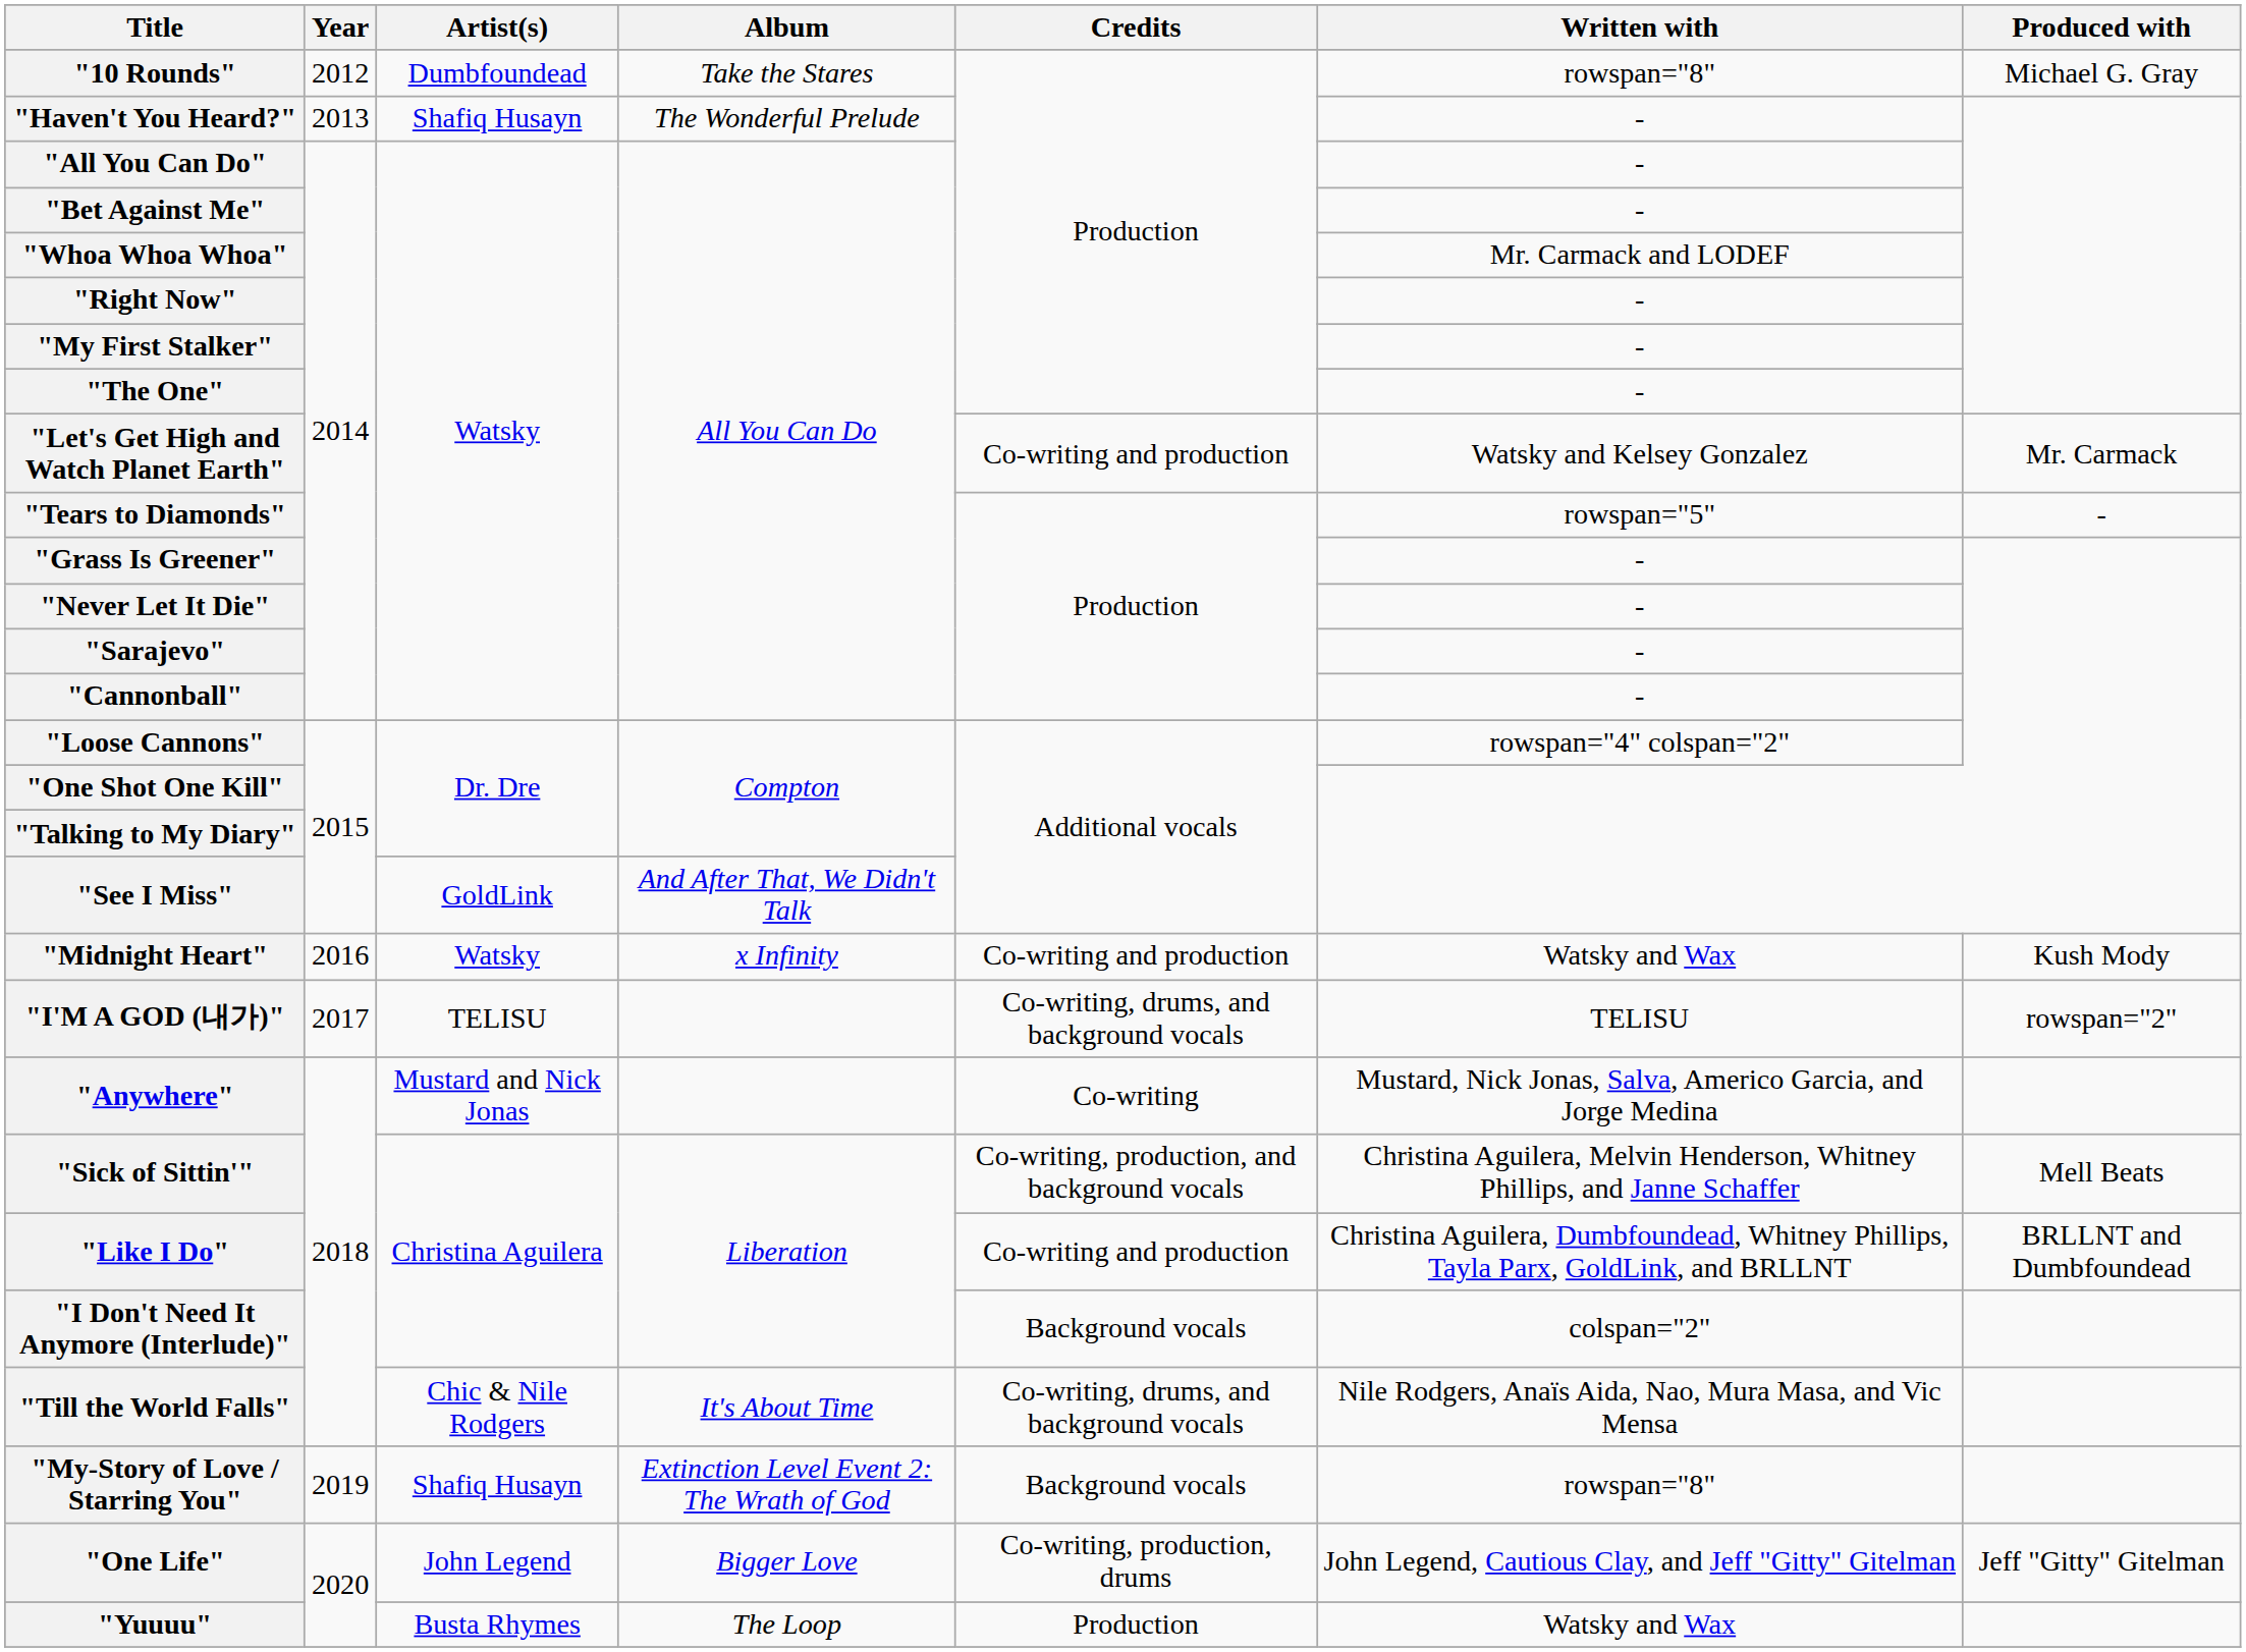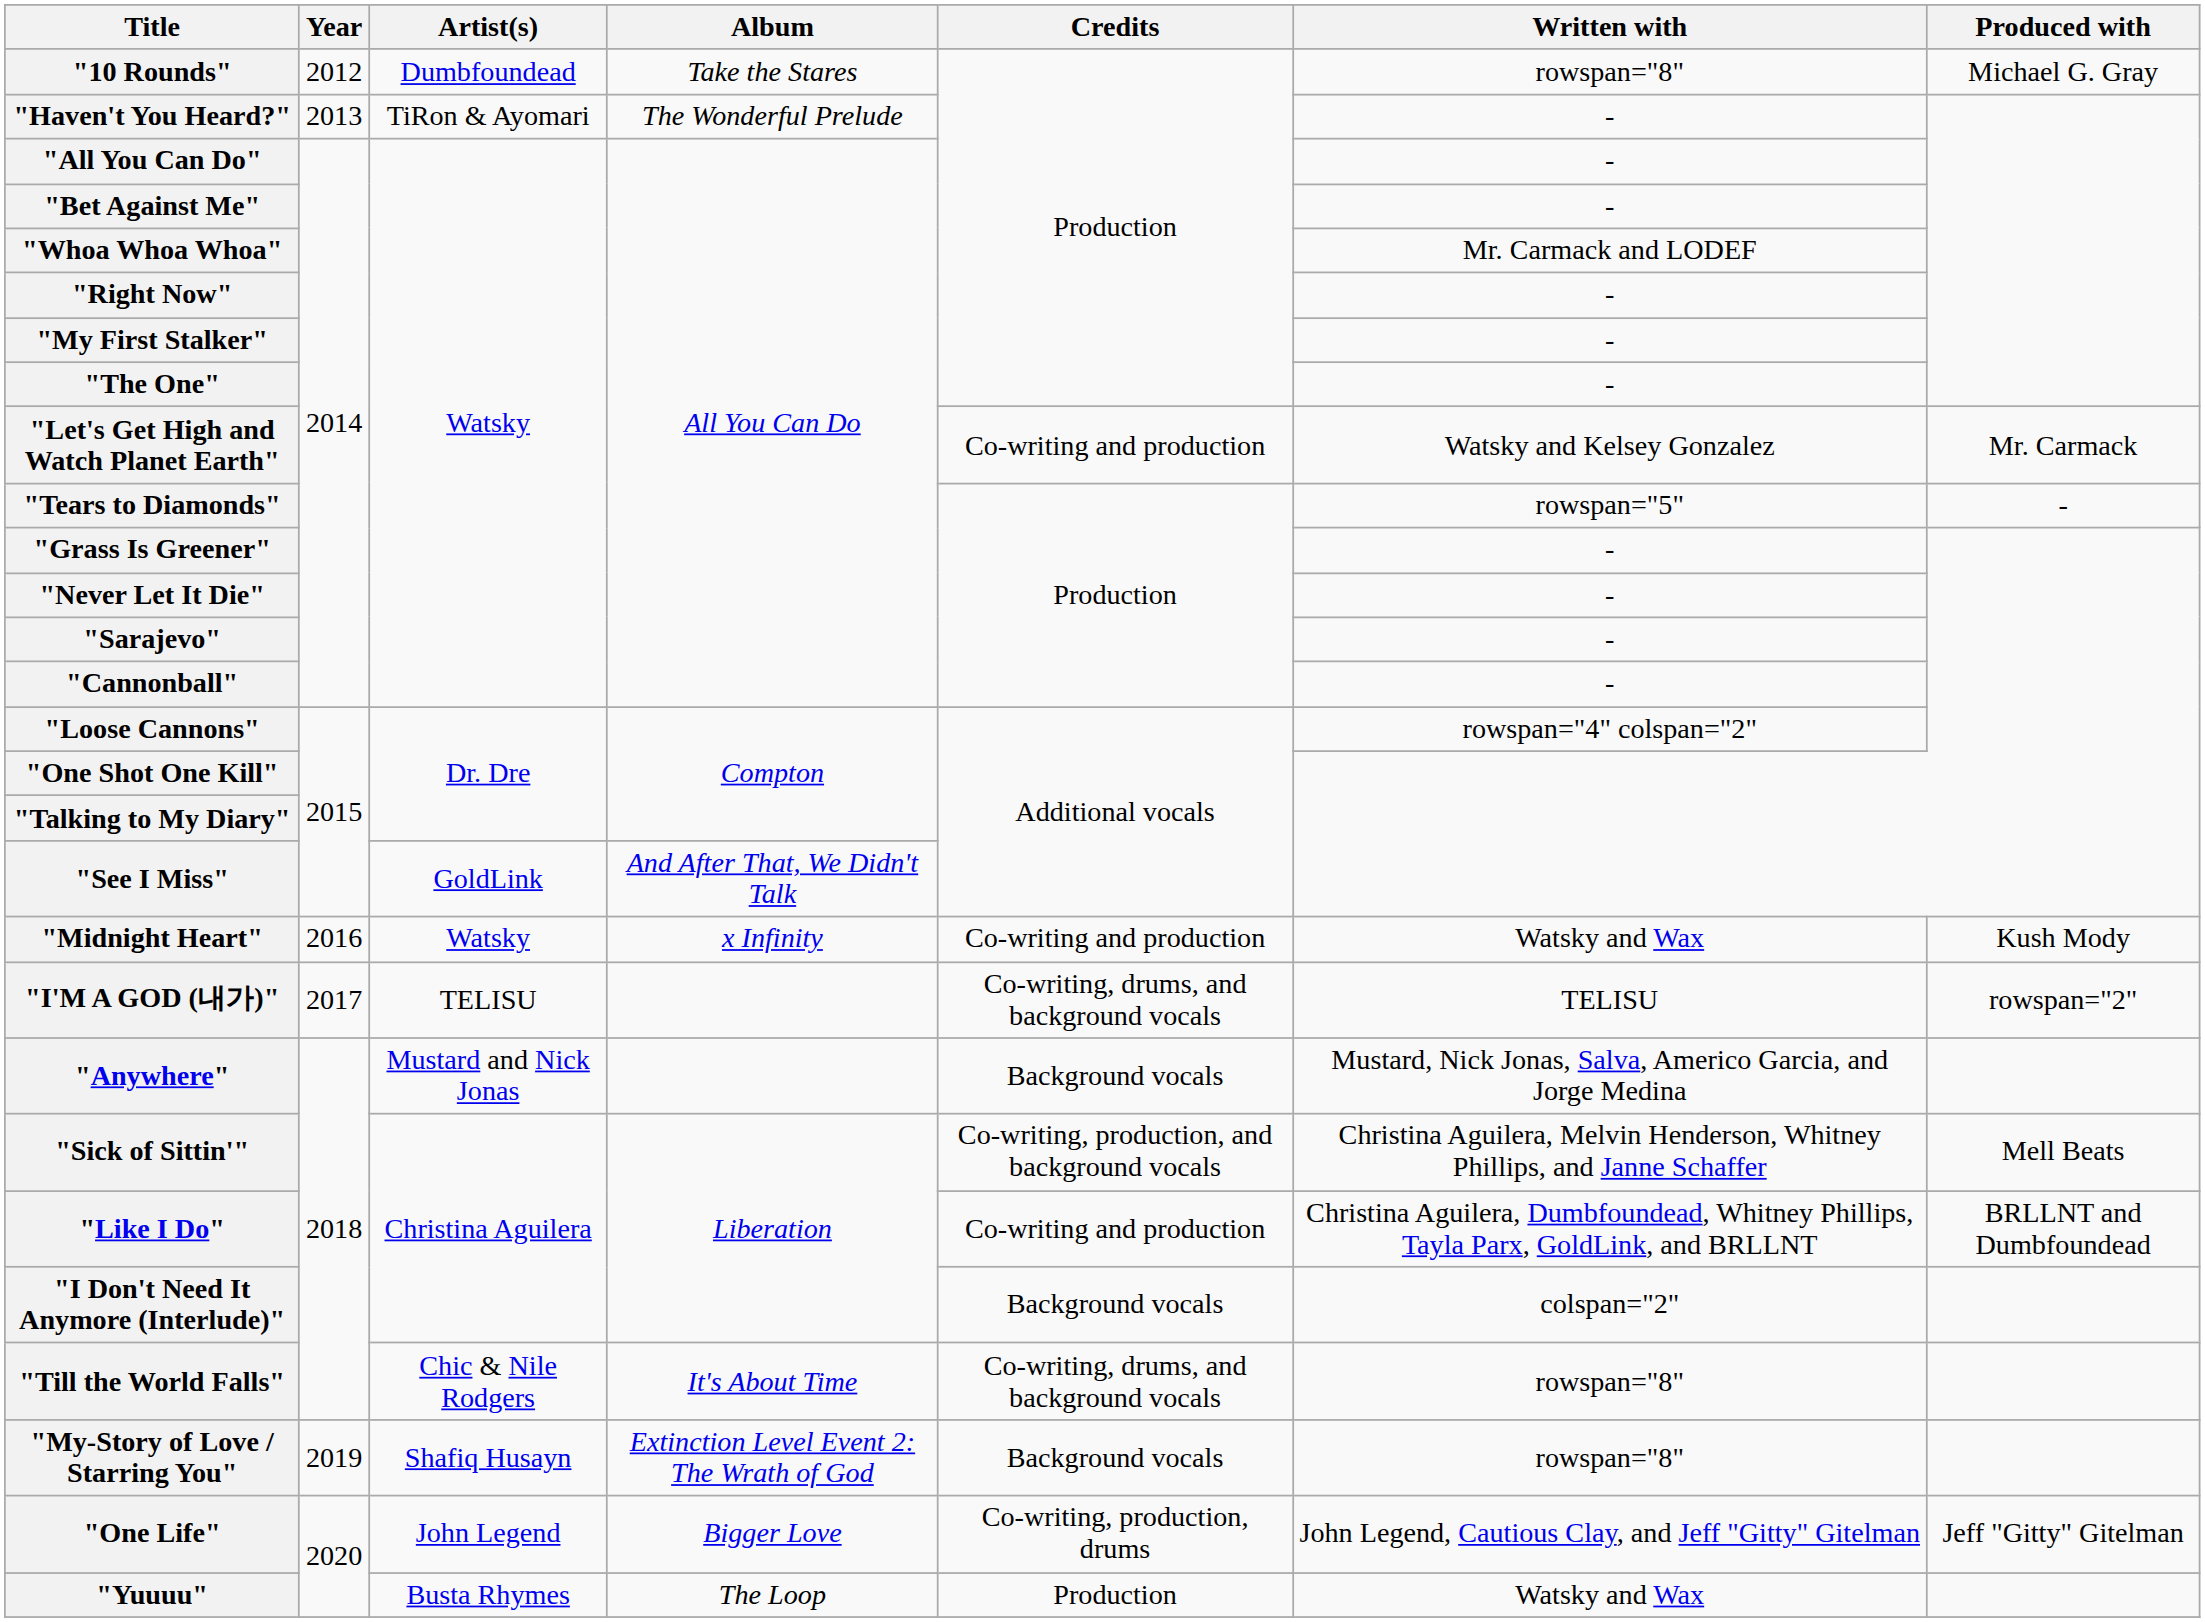 <table class="wikitable plainrowheaders" style="text-align:center;">
 <tr>
 <th scope="col" style="width:160px;">Title</th>
 <th scope="col">Year</th>
 <th scope="col">Artist(s)</th>
 <th scope="col" style="width:180px;">Album</th>
 <th scope="col">Credits</th>
 <th scope="col">Written with</th>
 <th scope="col">Produced with</th>
 </tr>
 <tr>
 <th scope="row">"10 Rounds"</th>
 <td>2012</td>
 <td><a href='#'>Dumbfoundead</a></td>
 <td><em>Take the Stares</em></td>
 <td rowspan="8">Production</td>
 <td>rowspan="8" </td>
 <td>Michael G. Gray</td>
 </tr>
 <tr>
 <th scope="row">"Haven't You Heard?"</th>
 <td>2013</td>
-<td><a href='#'>Shafiq Husayn</a></td>
+<td>TiRon & Ayomari</td>
 <td><em>The Wonderful Prelude</em></td>
 <td>-</td>
 </tr>
 <tr>
 <th scope="row">"All You Can Do"<br></th>
 <td rowspan="12">2014</td>
 <td rowspan="12"><a href='#'>Watsky</a></td>
 <td rowspan="12"><em><a href='#'>All You Can Do</a></em></td>
 <td>-</td>
 </tr>
 <tr>
 <th scope="row">"Bet Against Me"</th>
 <td>-</td>
 </tr>
 <tr>
 <th scope="row">"Whoa Whoa Whoa"</th>
 <td>Mr. Carmack and LODEF</td>
 </tr>
 <tr>
 <th scope="row">"Right Now"<br></th>
 <td>-</td>
 </tr>
 <tr>
 <th scope="row">"My First Stalker"</th>
 <td>-</td>
 </tr>
 <tr>
 <th scope="row">"The One"</th>
 <td>-</td>
 </tr>
 <tr>
 <th scope="row">"Let's Get High and Watch Planet Earth"</th>
 <td>Co-writing and production</td>
 <td>Watsky and Kelsey Gonzalez</td>
 <td>Mr. Carmack</td>
 </tr>
 <tr>
 <th scope="row">"Tears to Diamonds"</th>
 <td rowspan="5">Production</td>
 <td>rowspan="5" </td>
 <td>-</td>
 </tr>
 <tr>
 <th scope="row">"Grass Is Greener"</th>
 <td>-</td>
 </tr>
 <tr>
 <th scope="row">"Never Let It Die"</th>
 <td>-</td>
 </tr>
 <tr>
 <th scope="row">"Sarajevo"<br></th>
 <td>-</td>
 </tr>
 <tr>
 <th scope="row">"Cannonball"<br></th>
 <td>-</td>
 </tr>
 <tr>
 <th scope="row">"Loose Cannons"<br></th>
 <td rowspan="4">2015</td>
 <td rowspan="3"><a href='#'>Dr. Dre</a></td>
 <td rowspan="3"><em><a href='#'>Compton</a></em></td>
 <td rowspan="4">Additional vocals</td>
 <td>rowspan="4" colspan="2" </td>
 </tr>
 <tr>
 <th scope="row">"One Shot One Kill"<br></th>
 </tr>
 <tr>
 <th scope="row">"Talking to My Diary"</th>
 </tr>
 <tr>
 <th scope="row">"See I Miss"</th>
 <td><a href='#'>GoldLink</a></td>
 <td><em><a href='#'>And After That, We Didn't Talk</a></em></td>
 </tr>
 <tr>
 <th scope="row">"Midnight Heart"<br></th>
 <td>2016</td>
 <td><a href='#'>Watsky</a></td>
 <td><em><a href='#'>x Infinity</a></em></td>
 <td>Co-writing and production</td>
 <td>Watsky and <a href='#'>Wax</a></td>
 <td>Kush Mody</td>
 </tr>
 <tr>
 <th scope="row">"I'M A GOD (내가)"</th>
 <td>2017</td>
 <td>TELISU</td>
 <td></td>
 <td>Co-writing, drums, and background vocals</td>
 <td>TELISU</td>
 <td>rowspan="2" </td>
 </tr>
 <tr>
 <th scope="row">"<a href='#'>Anywhere</a>"</th>
 <td rowspan="5">2018</td>
 <td><a href='#'>Mustard</a> and <a href='#'>Nick Jonas</a></td>
 <td></td>
-<td>Co-writing</td>
+<td>Background vocals</td>
 <td>Mustard, Nick Jonas, <a href='#'>Salva</a>, Americo Garcia, and Jorge Medina</td>
 </tr>
 <tr>
 <th scope="row">"Sick of Sittin'"</th>
 <td rowspan="3"><a href='#'>Christina Aguilera</a></td>
 <td rowspan="3"><em><a href='#'>Liberation</a></em></td>
 <td>Co-writing, production, and background vocals</td>
 <td>Christina Aguilera, Melvin Henderson, Whitney Phillips, and <a href='#'>Janne Schaffer</a></td>
 <td>Mell Beats</td>
 </tr>
 <tr>
 <th scope="row">"<a href='#'>Like I Do</a>"<br></th>
 <td>Co-writing and production</td>
 <td>Christina Aguilera, <a href='#'>Dumbfoundead</a>, Whitney Phillips, <a href='#'>Tayla Parx</a>, <a href='#'>GoldLink</a>, and BRLLNT</td>
 <td>BRLLNT and Dumbfoundead</td>
 </tr>
 <tr>
 <th scope="row">"I Don't Need It Anymore (Interlude)"</th>
 <td>Background vocals</td>
 <td>colspan="2" </td>
 </tr>
 <tr>
 <th scope="row">"Till the World Falls"<br></th>
 <td><a href='#'>Chic</a> & <a href='#'>Nile Rodgers</a></td>
 <td><em><a href='#'>It's About Time</a></em></td>
 <td>Co-writing, drums, and background vocals</td>
-<td>Nile Rodgers, Anaïs Aida, Nao, Mura Masa, and Vic Mensa</td>
+<td>rowspan="8" </td>
 <td></td>
 </tr>
 <tr>
 <th scope="row">"My-Story of Love / Starring You"</th>
 <td>2019</td>
 <td><a href='#'>Shafiq Husayn</a></td>
 <td><em><a href='#'>Extinction Level Event 2: The Wrath of God</a></em></td>
 <td>Background vocals</td>
 <td>rowspan="8" </td>
 </tr>
 <tr>
 <th scope="row">"One Life"</th>
 <td rowspan="2">2020</td>
 <td><a href='#'>John Legend</a></td>
 <td><em><a href='#'>Bigger Love</a></em></td>
 <td>Co-writing, production, drums</td>
 <td>John Legend, <a href='#'>Cautious Clay</a>, and <a href='#'>Jeff "Gitty" Gitelman</a></td>
 <td>Jeff "Gitty" Gitelman</td>
 </tr>
 <tr>
 <th scope="row">"Yuuuu"</th>
 <td><a href='#'>Busta Rhymes</a></td>
 <td><em>The Loop</em></td>
 <td>Production</td>
 <td>Watsky and <a href='#'>Wax</a></td>
 </tr>
 </table>
